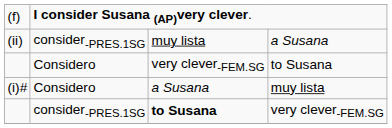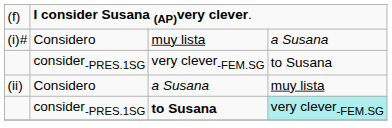 <table class="wikitable">
 <tr>
 <td>(f)</td>
 <td colspan= "3"><strong>I consider Susana <sub>(AP)</sub>very clever</strong>.</td>
 </tr>
 <tr>
-<td>(ii)</td>
-<td>consider<sub>-PRES.1SG</sub></td>
+<td>(i)#</td>
+<td>Considero</td>
 <td><u>muy lista</u></td>
 <td><em>a Susana</em></td>
 </tr>
 <tr>
 <td></td>
-<td>Considero</td>
+<td>consider<sub>-PRES.1SG</sub></td>
 <td>very clever<sub>-FEM.SG</sub></td>
 <td>to Susana</td>
 </tr>
 <tr>
-<td>(i)#</td>
+<td>(ii)</td>
 <td>Considero</td>
 <td><em>a Susana</em></td>
 <td><u>muy lista</u></td>
 </tr>
 <tr>
 <td></td>
 <td>consider<sub>-PRES.1SG</sub></td>
 <td><strong>to Susana</strong></td>
-<td>very clever<sub>-FEM.SG</sub></td>
+<td style="background: paleturquoise;">very clever<sub>-FEM.SG</sub></td>
 </tr>
 <tr>
 </tr>
 </table>
